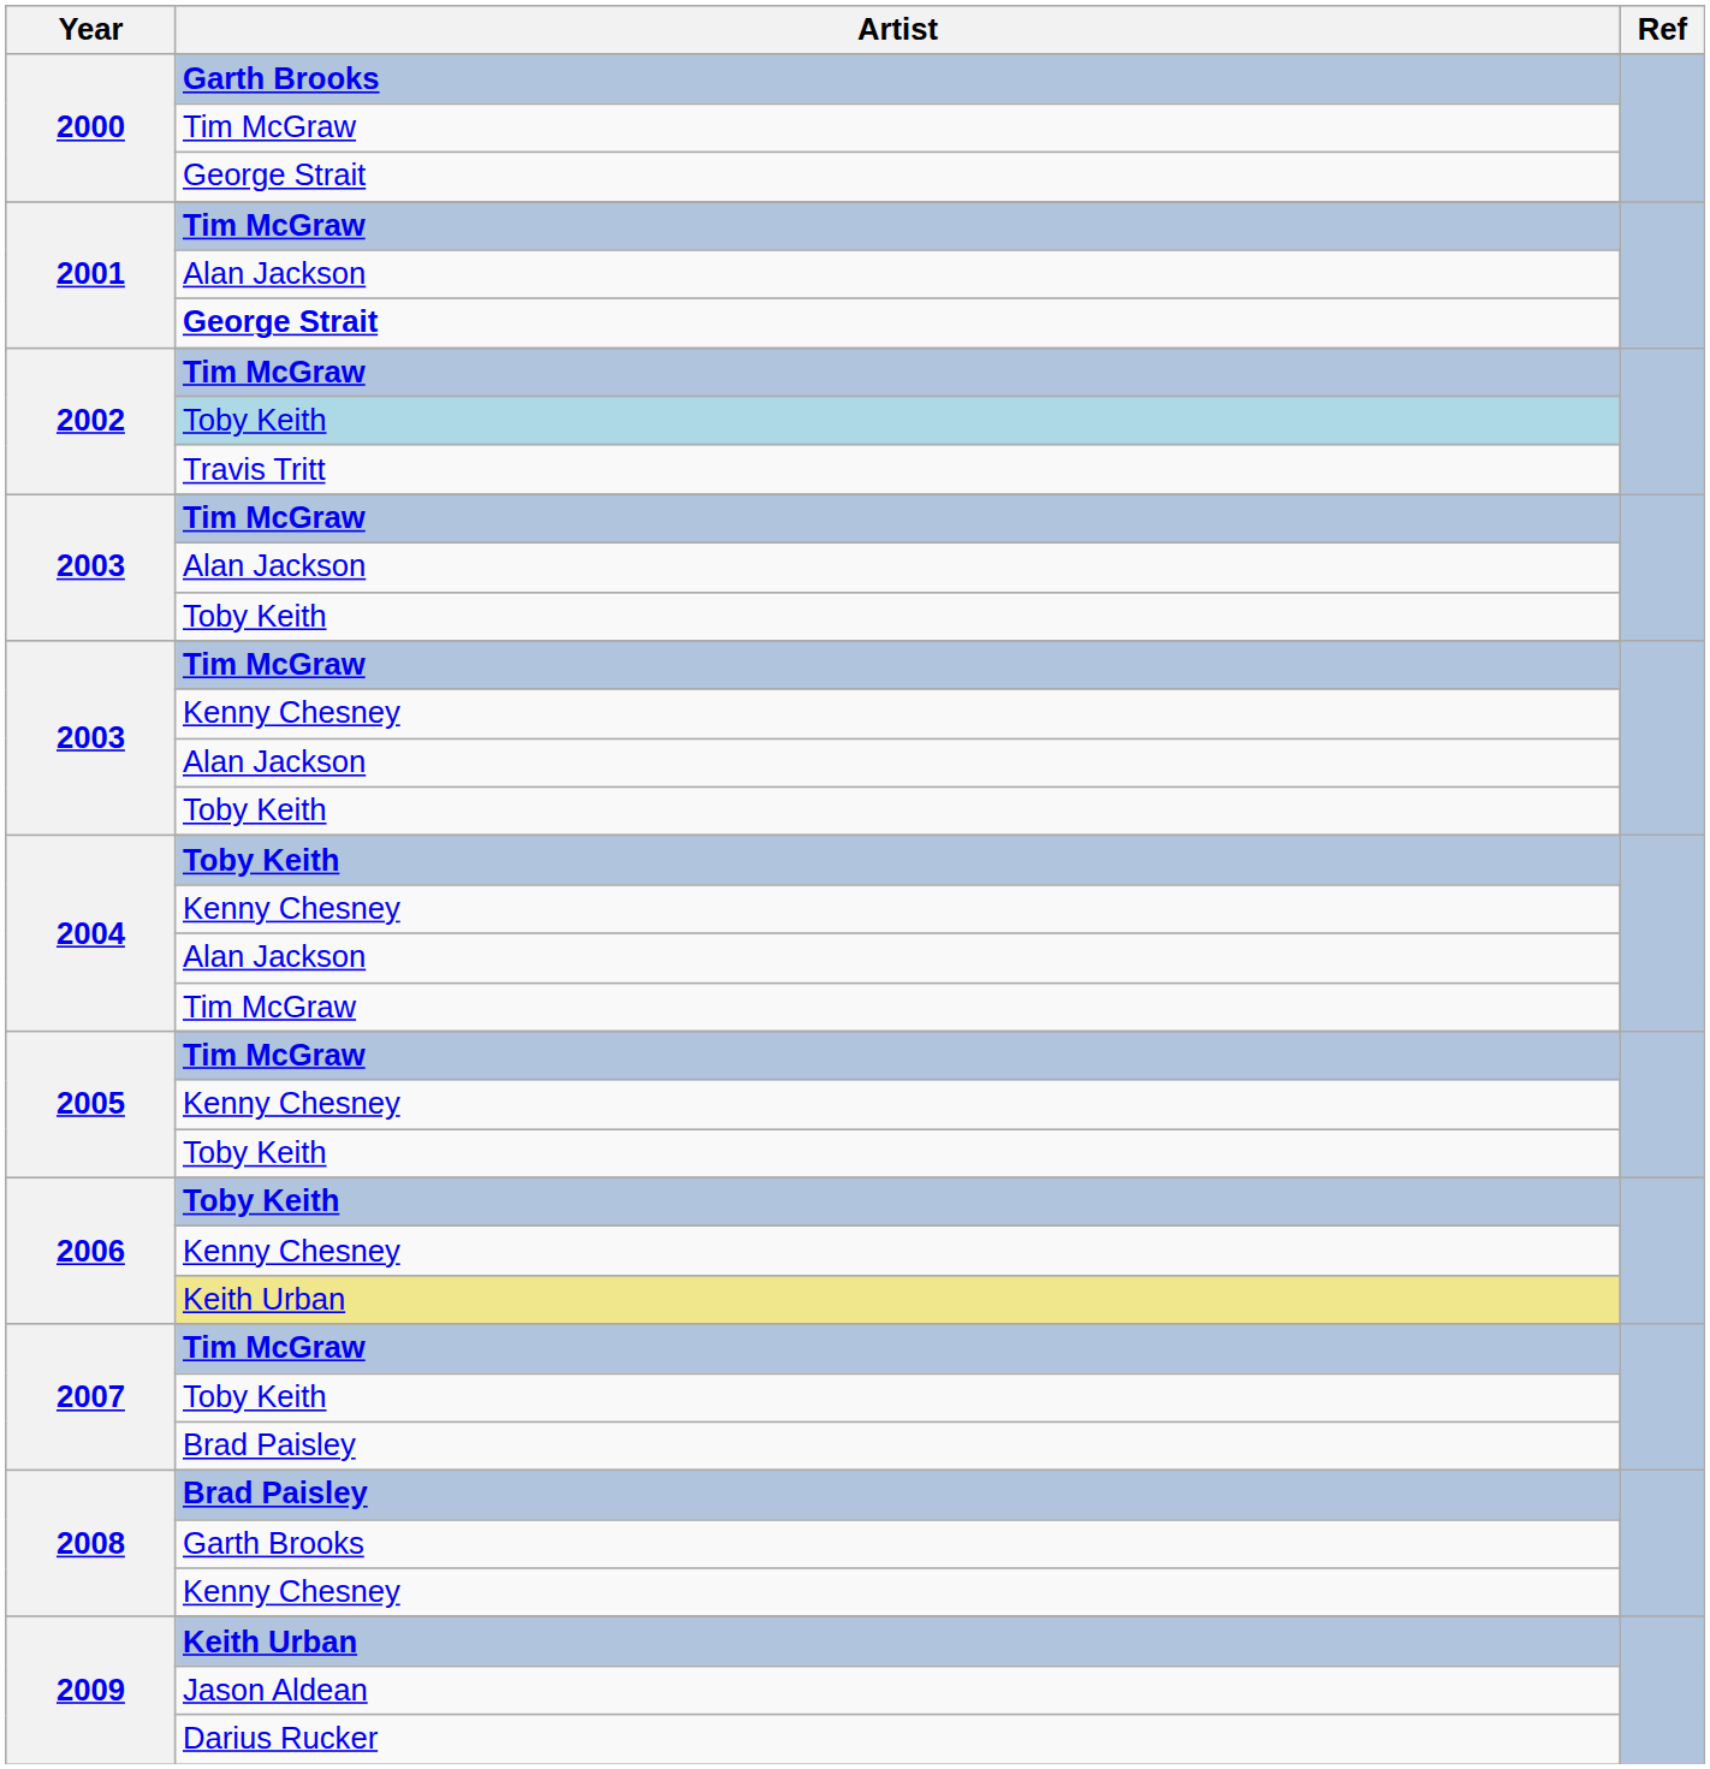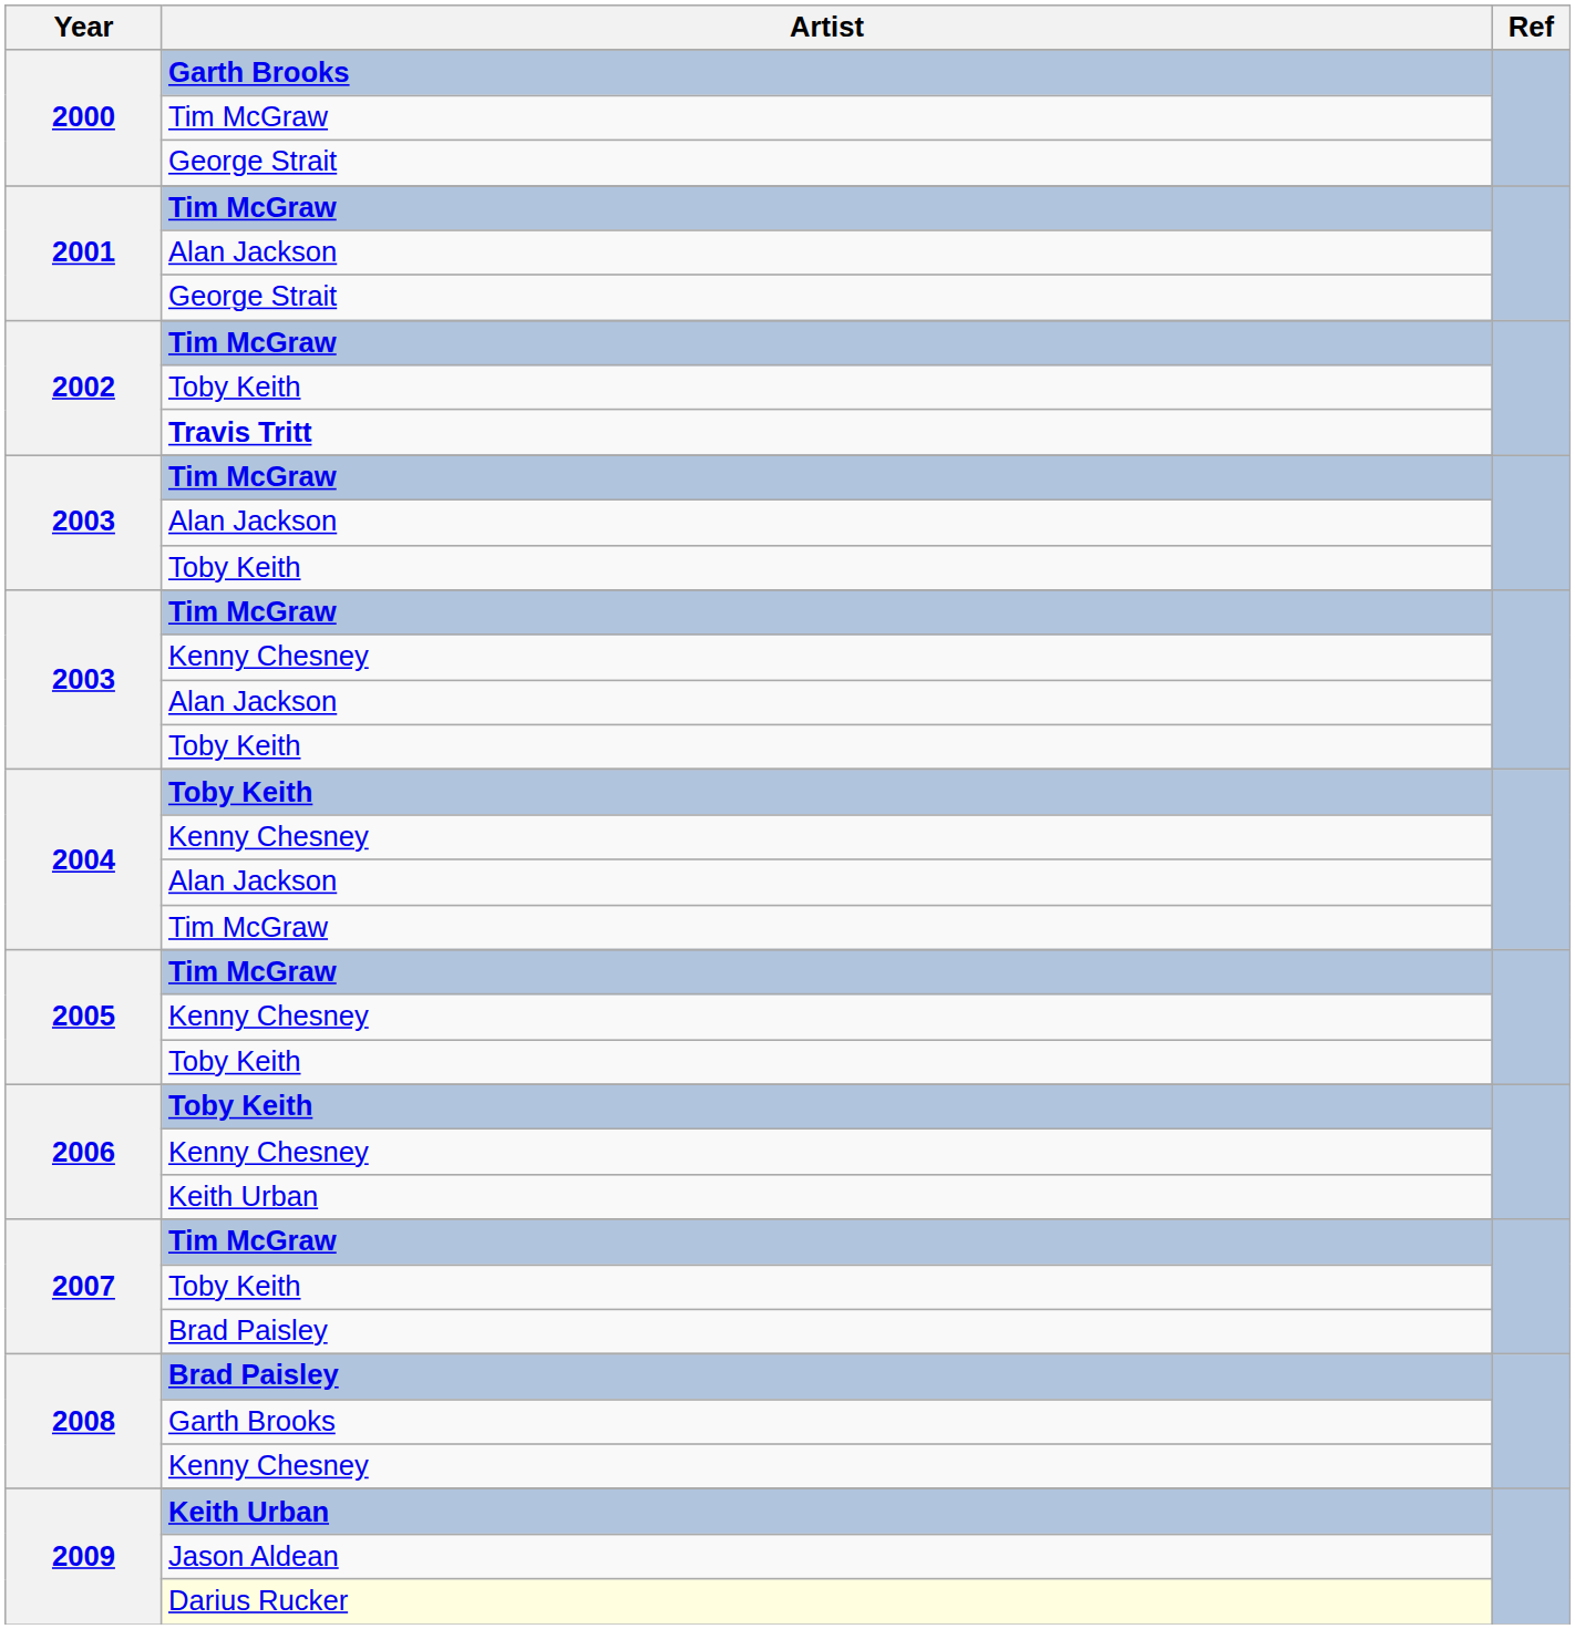 <table class="wikitable" width="100%">
 <tr>
 <th width="10%">Year</th>
 <th width="85%">Artist</th>
 <th width="5%">Ref</th>
 </tr>
 <tr>
 <th rowspan="4" align="center"><a href='#'>2000<br></a></th>
 </tr>
 <tr style="background:#B0C4DE">
 <td><strong><a href='#'>Garth Brooks</a></strong></td>
 <td rowspan="4" align="center"></td>
 </tr>
 <tr>
 <td><a href='#'>Tim McGraw</a></td>
 </tr>
 <tr>
 <td><a href='#'>George Strait</a></td>
 </tr>
 <tr>
 <th rowspan="4" align="center"><a href='#'>2001<br></a></th>
 </tr>
 <tr style="background:#B0C4DE">
 <td><strong><a href='#'>Tim McGraw</a></strong></td>
 <td rowspan="4" align="center"></td>
 </tr>
 <tr>
 <td><a href='#'>Alan Jackson</a></td>
 </tr>
 <tr>
-<td><strong><a href='#'>George Strait</a></strong></td>
+<td><a href='#'>George Strait</a></td>
 </tr>
 <tr>
 <th rowspan="4" align="center"><a href='#'>2002<br></a></th>
 </tr>
 <tr style="background:#B0C4DE">
 <td><strong><a href='#'>Tim McGraw</a></strong></td>
 <td rowspan="4" align="center"></td>
 </tr>
 <tr>
-<td style="background: lightblue;"><a href='#'>Toby Keith</a></td>
+<td><a href='#'>Toby Keith</a></td>
 </tr>
 <tr>
-<td><a href='#'>Travis Tritt</a></td>
+<td><strong><a href='#'>Travis Tritt</a></strong></td>
 </tr>
 <tr>
 <th rowspan="4" align="center"><a href='#'>2003<br></a></th>
 </tr>
 <tr style="background:#B0C4DE">
 <td><strong><a href='#'>Tim McGraw</a></strong></td>
 <td rowspan="4" align="center"></td>
 </tr>
 <tr>
 <td><a href='#'>Alan Jackson</a></td>
 </tr>
 <tr>
 <td><a href='#'>Toby Keith</a></td>
 </tr>
 <tr>
 <th rowspan="5" align="center"><a href='#'>2003<br></a></th>
 </tr>
 <tr style="background:#B0C4DE">
 <td><strong><a href='#'>Tim McGraw</a></strong></td>
 <td rowspan="5" align="center"></td>
 </tr>
 <tr>
 <td><a href='#'>Kenny Chesney</a></td>
 </tr>
 <tr>
 <td><a href='#'>Alan Jackson</a></td>
 </tr>
 <tr>
 <td><a href='#'>Toby Keith</a></td>
 </tr>
 <tr>
 <th rowspan="5" align="center"><a href='#'>2004<br></a></th>
 </tr>
 <tr style="background:#B0C4DE">
 <td><strong><a href='#'>Toby Keith</a></strong></td>
 <td rowspan="5" align="center"></td>
 </tr>
 <tr>
 <td><a href='#'>Kenny Chesney</a></td>
 </tr>
 <tr>
 <td><a href='#'>Alan Jackson</a></td>
 </tr>
 <tr>
 <td><a href='#'>Tim McGraw</a></td>
 </tr>
 <tr>
 <th rowspan="4" align="center"><a href='#'>2005<br></a></th>
 </tr>
 <tr style="background:#B0C4DE">
 <td><strong><a href='#'>Tim McGraw</a></strong></td>
 <td rowspan="4" align="center"></td>
 </tr>
 <tr>
 <td><a href='#'>Kenny Chesney</a></td>
 </tr>
 <tr>
 <td><a href='#'>Toby Keith</a></td>
 </tr>
 <tr>
 <th rowspan="4" align="center"><a href='#'>2006<br></a></th>
 </tr>
 <tr style="background:#B0C4DE">
 <td><strong><a href='#'>Toby Keith</a></strong></td>
 <td rowspan="4" align="center"></td>
 </tr>
 <tr>
 <td><a href='#'>Kenny Chesney</a></td>
 </tr>
 <tr>
-<td style="background: khaki;"><a href='#'>Keith Urban</a></td>
+<td><a href='#'>Keith Urban</a></td>
 </tr>
 <tr>
 <th rowspan="4" align="center"><a href='#'>2007<br></a></th>
 </tr>
 <tr style="background:#B0C4DE">
 <td><strong><a href='#'>Tim McGraw</a></strong></td>
 <td rowspan="4" align="center"></td>
 </tr>
 <tr>
 <td><a href='#'>Toby Keith</a></td>
 </tr>
 <tr>
 <td><a href='#'>Brad Paisley</a></td>
 </tr>
 <tr>
 <th rowspan="4" align="center"><a href='#'>2008<br></a></th>
 </tr>
 <tr style="background:#B0C4DE">
 <td><strong><a href='#'>Brad Paisley</a></strong></td>
 <td rowspan="4" align="center"></td>
 </tr>
 <tr>
 <td><a href='#'>Garth Brooks</a></td>
 </tr>
 <tr>
 <td><a href='#'>Kenny Chesney</a></td>
 </tr>
 <tr>
 <th rowspan="4" align="center"><a href='#'>2009<br></a></th>
 </tr>
 <tr style="background:#B0C4DE">
 <td><strong><a href='#'>Keith Urban</a></strong></td>
 <td rowspan="4" align="center"></td>
 </tr>
 <tr>
 <td><a href='#'>Jason Aldean</a></td>
 </tr>
 <tr>
-<td><a href='#'>Darius Rucker</a></td>
+<td style="background: lightyellow;"><a href='#'>Darius Rucker</a></td>
 </tr>
 </table>
